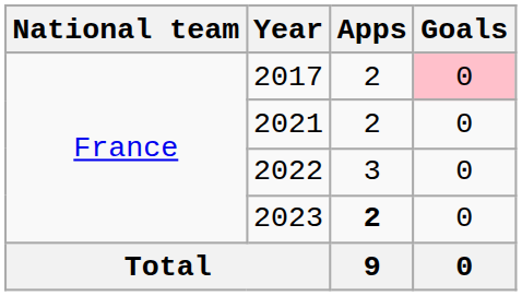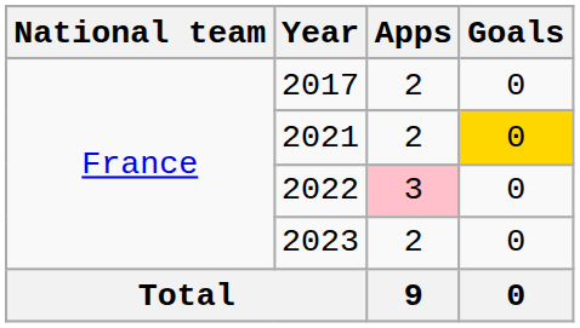 <table class="wikitable" style="text-align:center">
 <tr>
 <th>National team</th>
 <th>Year</th>
 <th>Apps</th>
 <th>Goals</th>
 </tr>
 <tr>
 <td rowspan="4"><a href='#'>France</a></td>
 <td>2017</td>
 <td>2</td>
-<td style="background: pink;">0</td>
+<td>0</td>
 </tr>
 <tr>
 <td>2021</td>
 <td>2</td>
-<td>0</td>
+<td style="background: gold;">0</td>
 </tr>
 <tr>
 <td>2022</td>
-<td>3</td>
+<td style="background: pink;">3</td>
 <td>0</td>
 </tr>
 <tr>
 <td>2023</td>
-<td><strong>2</strong></td>
+<td>2</td>
 <td>0</td>
 </tr>
 <tr>
 <th colspan="2">Total</th>
 <th>9</th>
 <th>0</th>
 </tr>
 </table>
